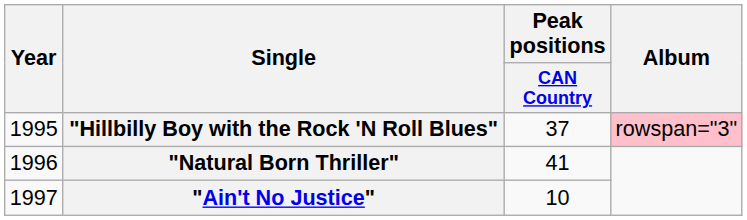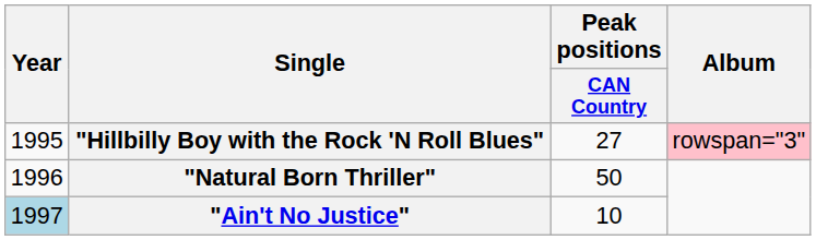 <table class="wikitable plainrowheaders" style="text-align:center;">
 <tr>
 <th rowspan="2">Year</th>
 <th rowspan="2" style="width:20em;">Single</th>
 <th colspan="1">Peak positions</th>
 <th rowspan="2">Album</th>
 </tr>
 <tr style="font-size:smaller;">
 <th width="65"><a href='#'>CAN Country</a></th>
 </tr>
 <tr>
 <td>1995</td>
 <th scope="row">"Hillbilly Boy with the Rock 'N Roll Blues"</th>
-<td>37</td>
+<td>27</td>
 <td style="background: pink;">rowspan="3" </td>
 </tr>
 <tr>
 <td>1996</td>
 <th scope="row">"Natural Born Thriller"</th>
-<td>41</td>
+<td>50</td>
 </tr>
 <tr>
-<td>1997</td>
+<td style="background: lightblue;">1997</td>
 <th scope="row">"<a href='#'>Ain't No Justice</a>"</th>
 <td>10</td>
 </tr>
 </table>
